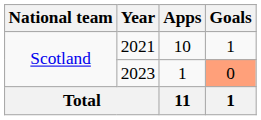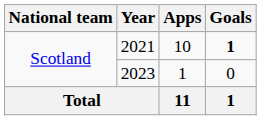 <table class=wikitable style="text-align: center;">
 <tr>
 <th>National team</th>
 <th>Year</th>
 <th>Apps</th>
 <th>Goals</th>
 </tr>
 <tr>
 <td rowspan=2><a href='#'>Scotland</a></td>
 <td>2021</td>
 <td>10</td>
-<td>1</td>
+<td><strong>1</strong></td>
 </tr>
 <tr>
 <td>2023</td>
 <td>1</td>
-<td style="background: lightsalmon;">0</td>
+<td>0</td>
 </tr>
 <tr>
 <th colspan="2">Total</th>
 <th>11</th>
 <th>1</th>
 </tr>
 </table>
